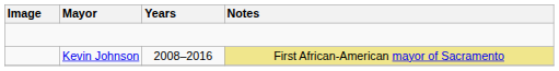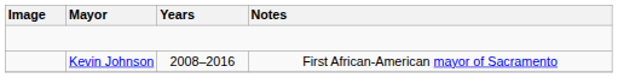 <table class="wikitable" style="text-align:center">
 <tr>
 <th style="text-align:left; width:10%;">Image</th>
 <th style="text-align:left; width:15%;">Mayor</th>
 <th style="text-align:left; width:15%;">Years</th>
 <th style="text-align:left; width:60%;">Notes</th>
 </tr>
 <tr style="height:2em">
 </tr>
 <tr>
 <td></td>
 <td><a href='#'>Kevin Johnson</a></td>
 <td>2008–2016</td>
-<td style="background: khaki;">First African-American <a href='#'>mayor of Sacramento</a></td>
+<td>First African-American <a href='#'>mayor of Sacramento</a></td>
 </tr>
 <tr>
 </tr>
 </table>
